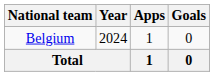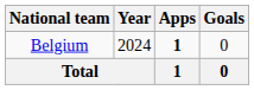 <table class=wikitable style=text-align:center>
 <tr>
 <th>National team</th>
 <th>Year</th>
 <th>Apps</th>
 <th>Goals</th>
 </tr>
 <tr>
 <td><a href='#'>Belgium</a></td>
 <td>2024</td>
-<td>1</td>
+<td><strong>1</strong></td>
 <td>0</td>
 </tr>
 <tr>
 <th colspan="2">Total</th>
 <th>1</th>
 <th>0</th>
 </tr>
 </table>
